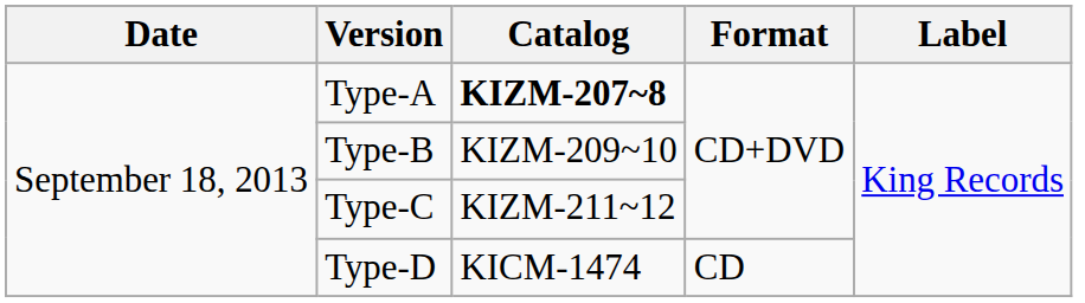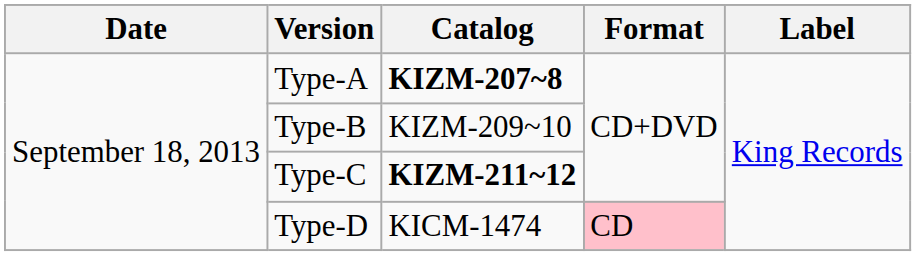 <table class="wikitable plainrowheaders">
 <tr>
 <th scope="col">Date</th>
 <th>Version</th>
 <th>Catalog</th>
 <th>Format</th>
 <th>Label</th>
 </tr>
 <tr>
 <td scope="row" rowspan="4">September 18, 2013</td>
 <td>Type-A</td>
 <td><strong>KIZM-207~8</strong></td>
 <td scope="row" rowspan="3">CD+DVD</td>
 <td scope="row" rowspan="4"><a href='#'>King Records</a></td>
 </tr>
 <tr>
 <td>Type-B</td>
 <td>KIZM-209~10</td>
 </tr>
 <tr>
 <td>Type-C</td>
-<td>KIZM-211~12</td>
+<td><strong>KIZM-211~12</strong></td>
 </tr>
 <tr>
 <td>Type-D</td>
 <td>KICM-1474</td>
-<td>CD</td>
+<td style="background: pink;">CD</td>
 </tr>
 </table>
